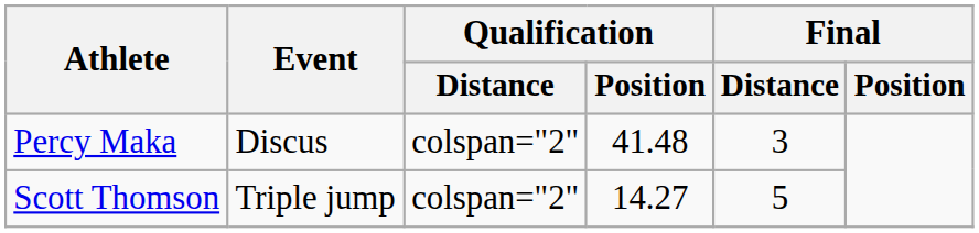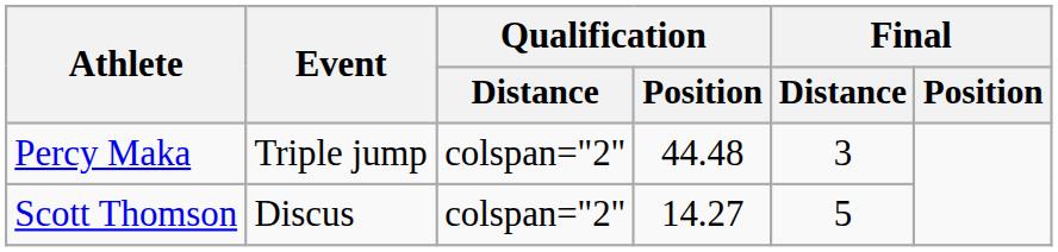 <table class=wikitable style="font-size:90%">
 <tr>
 <th rowspan="2">Athlete</th>
 <th rowspan="2">Event</th>
 <th colspan="2">Qualification</th>
 <th colspan="2">Final</th>
 </tr>
 <tr style="font-size:95%">
 <th>Distance</th>
 <th>Position</th>
 <th>Distance</th>
 <th>Position</th>
 </tr>
 <tr align=center>
 <td align=left><a href='#'>Percy Maka</a></td>
-<td align=left>Discus</td>
+<td align=left>Triple jump</td>
 <td>colspan="2" </td>
-<td>41.48</td>
+<td>44.48</td>
 <td>3</td>
 </tr>
 <tr align=center>
 <td align=left><a href='#'>Scott Thomson</a></td>
-<td align=left>Triple jump</td>
+<td align=left>Discus</td>
 <td>colspan="2" </td>
 <td>14.27</td>
 <td>5</td>
 </tr>
 </table>
